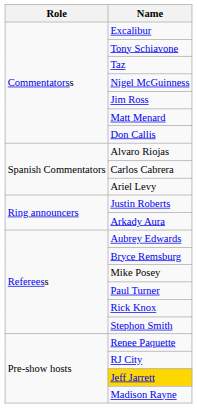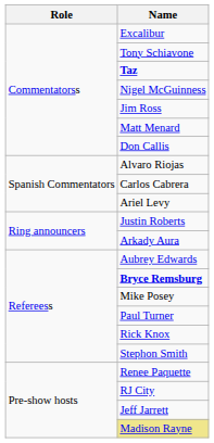 <table class=wikitable style="font-size:90%; margin: 0.5em 0 0.5em 1em; float: right; clear: right;">
 <tr>
 <th>Role</th>
 <th>Name</th>
 </tr>
 <tr>
 <td rowspan="7"><a href='#'>Commentators</a>s</td>
 <td><a href='#'>Excalibur</a> </td>
 </tr>
 <tr>
 <td><a href='#'>Tony Schiavone</a> </td>
 </tr>
 <tr>
-<td><a href='#'>Taz</a> </td>
+<td><strong><a href='#'>Taz</a> </strong></td>
 </tr>
 <tr>
 <td><a href='#'>Nigel McGuinness</a> </td>
 </tr>
 <tr>
 <td><a href='#'>Jim Ross</a> </td>
 </tr>
 <tr>
 <td><a href='#'>Matt Menard</a> </td>
 </tr>
 <tr>
 <td><a href='#'>Don Callis</a> </td>
 </tr>
 <tr>
 <td rowspan=3>Spanish Commentators</td>
 <td>Alvaro Riojas</td>
 </tr>
 <tr>
 <td>Carlos Cabrera</td>
 </tr>
 <tr>
 <td>Ariel Levy</td>
 </tr>
 <tr>
 <td rowspan=2><a href='#'>Ring announcers</a></td>
 <td><a href='#'>Justin Roberts</a> </td>
 </tr>
 <tr>
 <td><a href='#'>Arkady Aura</a> </td>
 </tr>
 <tr>
 <td rowspan=6><a href='#'>Referees</a>s</td>
 <td><a href='#'>Aubrey Edwards</a></td>
 </tr>
 <tr>
-<td><a href='#'>Bryce Remsburg</a></td>
+<td><strong><a href='#'>Bryce Remsburg</a></strong></td>
 </tr>
 <tr>
 <td>Mike Posey</td>
 </tr>
 <tr>
 <td><a href='#'>Paul Turner</a></td>
 </tr>
 <tr>
 <td><a href='#'>Rick Knox</a></td>
 </tr>
 <tr>
 <td><a href='#'>Stephon Smith</a></td>
 </tr>
 <tr>
 <td rowspan=4>Pre-show hosts</td>
 <td><a href='#'>Renee Paquette</a></td>
 </tr>
 <tr>
 <td><a href='#'>RJ City</a></td>
 </tr>
 <tr>
-<td style="background: gold;"><a href='#'>Jeff Jarrett</a></td>
+<td><a href='#'>Jeff Jarrett</a></td>
 </tr>
 <tr>
-<td><a href='#'>Madison Rayne</a></td>
+<td style="background: khaki;"><a href='#'>Madison Rayne</a></td>
 </tr>
 </table>
